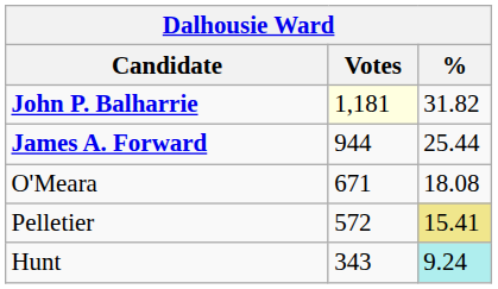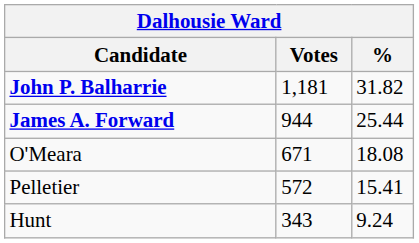 <table class="wikitable">
 <tr>
 <th colspan="3"><a href='#'>Dalhousie Ward</a></th>
 </tr>
 <tr>
 <th style="width: 200px">Candidate</th>
 <th style="width: 50px">Votes</th>
 <th style="width: 40px">%</th>
 </tr>
 <tr>
 <td><strong><a href='#'>John P. Balharrie</a></strong></td>
-<td style="background: lightyellow;">1,181</td>
+<td>1,181</td>
 <td>31.82</td>
 </tr>
 <tr>
 <td><strong><a href='#'>James A. Forward</a></strong></td>
 <td>944</td>
 <td>25.44</td>
 </tr>
 <tr>
 <td>O'Meara</td>
 <td>671</td>
 <td>18.08</td>
 </tr>
 <tr>
 <td>Pelletier</td>
 <td>572</td>
-<td style="background: khaki;">15.41</td>
+<td>15.41</td>
 </tr>
 <tr>
 <td>Hunt</td>
 <td>343</td>
-<td style="background: paleturquoise;">9.24</td>
+<td>9.24</td>
 </tr>
 </table>
